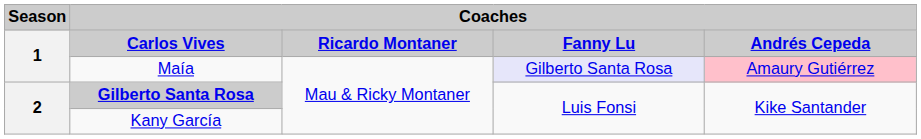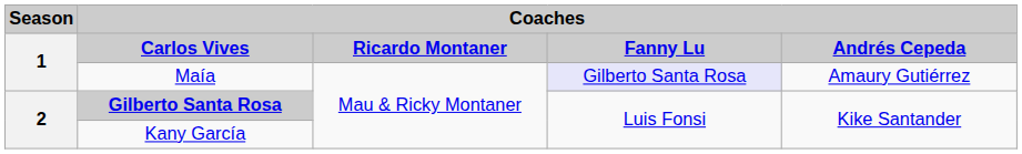 <table class="wikitable" style="text-align: center">
 <tr>
 <th style="background:#ccc">Season</th>
 <th style="background:#ccc" colspan="4">Coaches</th>
 </tr>
 <tr>
 <th scope="row" rowspan="2">1</th>
 <th style="background:#ccc" width="200"><a href='#'>Carlos Vives</a></th>
 <th style="background:#ccc" width="200"><a href='#'>Ricardo Montaner</a></th>
 <th style="background:#ccc" width="200"><a href='#'>Fanny Lu</a></th>
 <th style="background:#ccc" width="200"><a href='#'>Andrés Cepeda</a></th>
 </tr>
 <tr>
 <td><a href='#'>Maía</a></td>
 <td rowspan="5"><a href='#'>Mau & Ricky Montaner</a></td>
 <td style="background: lavender;"><a href='#'>Gilberto Santa Rosa</a></td>
-<td style="background: pink;"><a href='#'>Amaury Gutiérrez</a></td>
+<td><a href='#'>Amaury Gutiérrez</a></td>
 </tr>
 <tr>
 <th scope="row" rowspan="2">2</th>
 <th style="background:#ccc" width="200"><a href='#'>Gilberto Santa Rosa</a></th>
 <td rowspan="2"><a href='#'>Luis Fonsi</a></td>
 <td rowspan="2"><a href='#'>Kike Santander</a></td>
 </tr>
 <tr>
 <td><a href='#'>Kany García</a></td>
 </tr>
 </table>
